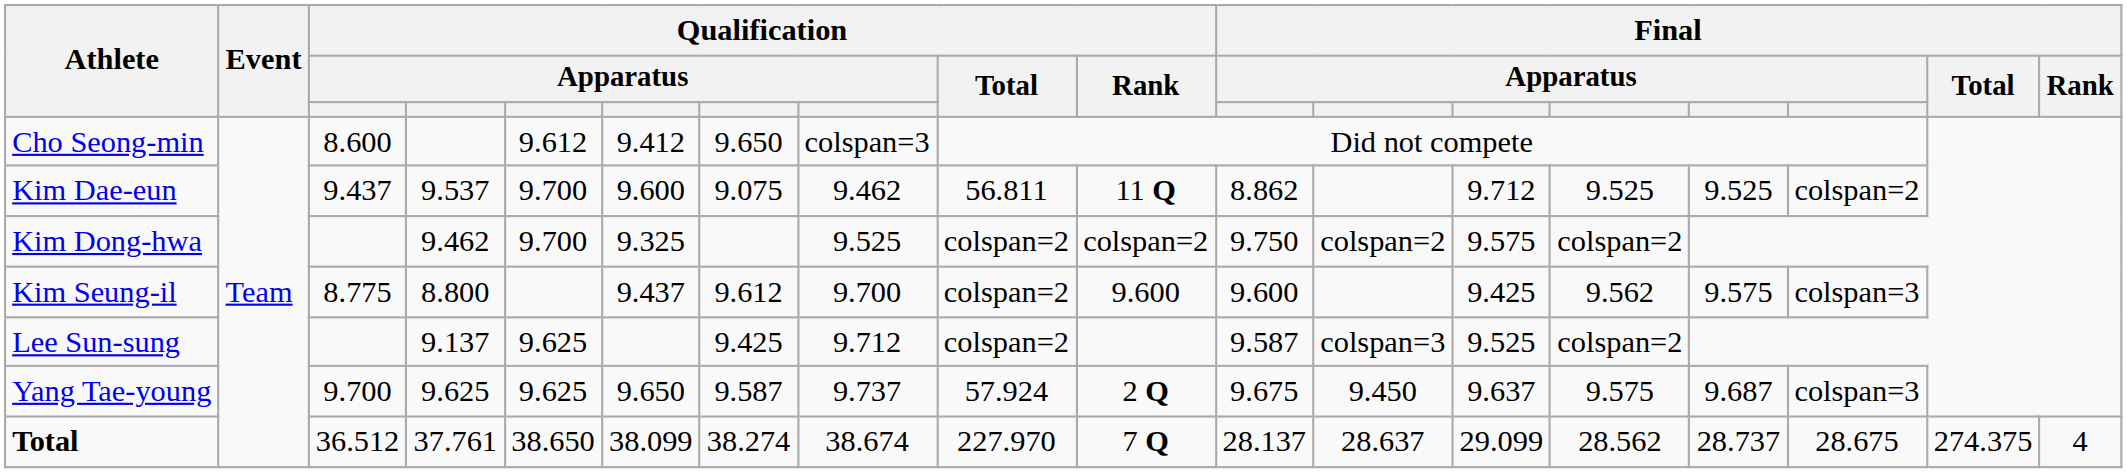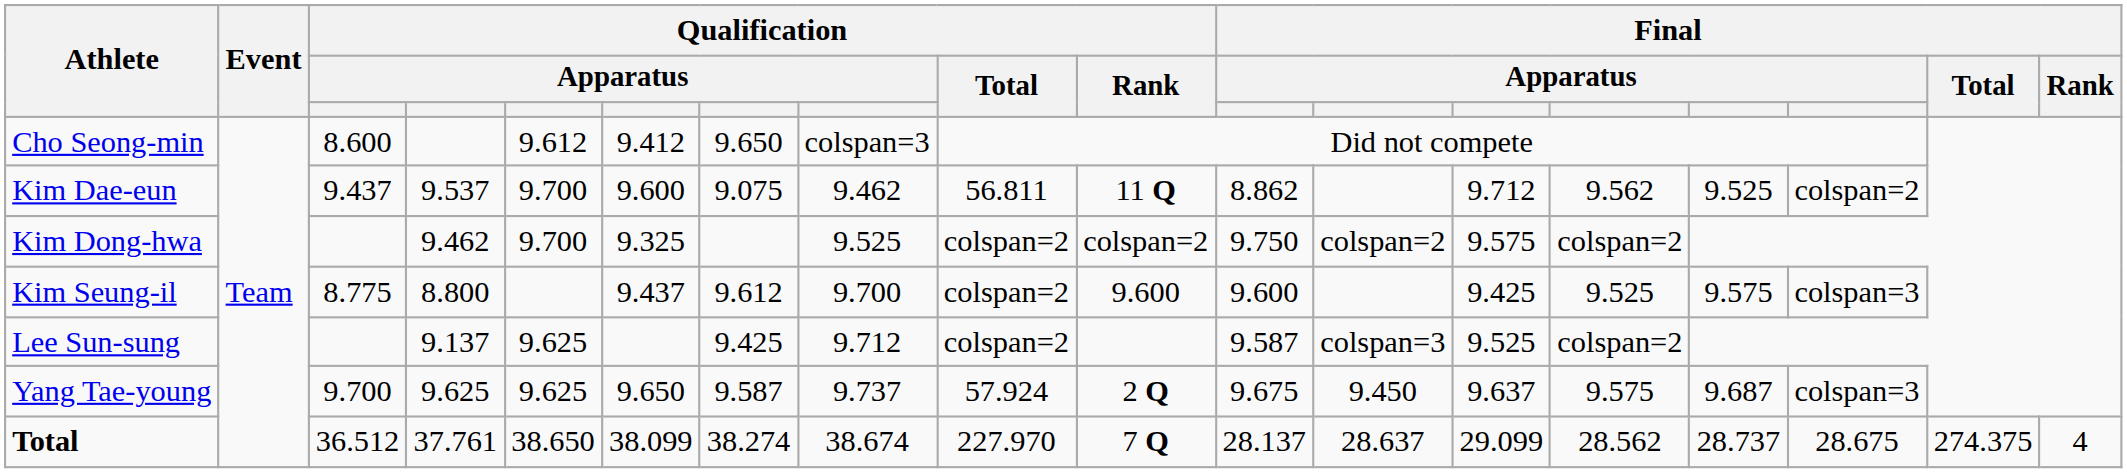 <table class="wikitable" style="font-size:90%">
 <tr>
 <th rowspan=3>Athlete</th>
 <th rowspan=3>Event</th>
 <th colspan =8>Qualification</th>
 <th colspan =8>Final</th>
 </tr>
 <tr style="font-size:95%">
 <th colspan=6>Apparatus</th>
 <th rowspan=2>Total</th>
 <th rowspan=2>Rank</th>
 <th colspan=6>Apparatus</th>
 <th rowspan=2>Total</th>
 <th rowspan=2>Rank</th>
 </tr>
 <tr style="font-size:95%">
 <th></th>
 <th></th>
 <th></th>
 <th></th>
 <th></th>
 <th></th>
 <th></th>
 <th></th>
 <th></th>
 <th></th>
 <th></th>
 <th></th>
 </tr>
 <tr align=center>
 <td align=left><a href='#'>Cho Seong-min</a></td>
 <td align=left rowspan=7><a href='#'>Team</a></td>
 <td>8.600</td>
 <td></td>
 <td>9.612</td>
 <td>9.412</td>
 <td>9.650</td>
 <td>colspan=3 </td>
 <td colspan=8>Did not compete</td>
 </tr>
 <tr align=center>
 <td align=left><a href='#'>Kim Dae-eun</a></td>
 <td>9.437</td>
 <td>9.537</td>
 <td>9.700</td>
 <td>9.600</td>
 <td>9.075</td>
 <td>9.462</td>
 <td>56.811</td>
 <td>11 <strong>Q</strong></td>
 <td>8.862</td>
 <td></td>
 <td>9.712</td>
-<td>9.525</td>
+<td>9.562</td>
 <td>9.525</td>
 <td>colspan=2 </td>
 </tr>
 <tr align=center>
 <td align=left><a href='#'>Kim Dong-hwa</a></td>
 <td></td>
 <td>9.462</td>
 <td>9.700</td>
 <td>9.325</td>
 <td></td>
 <td>9.525</td>
 <td>colspan=2 </td>
 <td>colspan=2 </td>
 <td>9.750</td>
 <td>colspan=2 </td>
 <td>9.575</td>
 <td>colspan=2 </td>
 </tr>
 <tr align=center>
 <td align=left><a href='#'>Kim Seung-il</a></td>
 <td>8.775</td>
 <td>8.800</td>
 <td></td>
 <td>9.437</td>
 <td>9.612</td>
 <td>9.700</td>
 <td>colspan=2 </td>
 <td>9.600</td>
 <td>9.600</td>
 <td></td>
 <td>9.425</td>
-<td>9.562</td>
+<td>9.525</td>
 <td>9.575</td>
 <td>colspan=3 </td>
 </tr>
 <tr align=center>
 <td align=left><a href='#'>Lee Sun-sung</a></td>
 <td></td>
 <td>9.137</td>
 <td>9.625</td>
 <td></td>
 <td>9.425</td>
 <td>9.712</td>
 <td>colspan=2 </td>
 <td></td>
 <td>9.587</td>
 <td>colspan=3 </td>
 <td>9.525</td>
 <td>colspan=2 </td>
 </tr>
 <tr align=center>
 <td align=left><a href='#'>Yang Tae-young</a></td>
 <td>9.700</td>
 <td>9.625</td>
 <td>9.625</td>
 <td>9.650</td>
 <td>9.587</td>
 <td>9.737</td>
 <td>57.924</td>
 <td>2 <strong>Q</strong></td>
 <td>9.675</td>
 <td>9.450</td>
 <td>9.637</td>
 <td>9.575</td>
 <td>9.687</td>
 <td>colspan=3 </td>
 </tr>
 <tr align=center>
 <td align=left><strong>Total</strong></td>
 <td>36.512</td>
 <td>37.761</td>
 <td>38.650</td>
 <td>38.099</td>
 <td>38.274</td>
 <td>38.674</td>
 <td>227.970</td>
 <td>7 <strong>Q</strong></td>
 <td>28.137</td>
 <td>28.637</td>
 <td>29.099</td>
 <td>28.562</td>
 <td>28.737</td>
 <td>28.675</td>
 <td>274.375</td>
 <td>4</td>
 </tr>
 </table>
